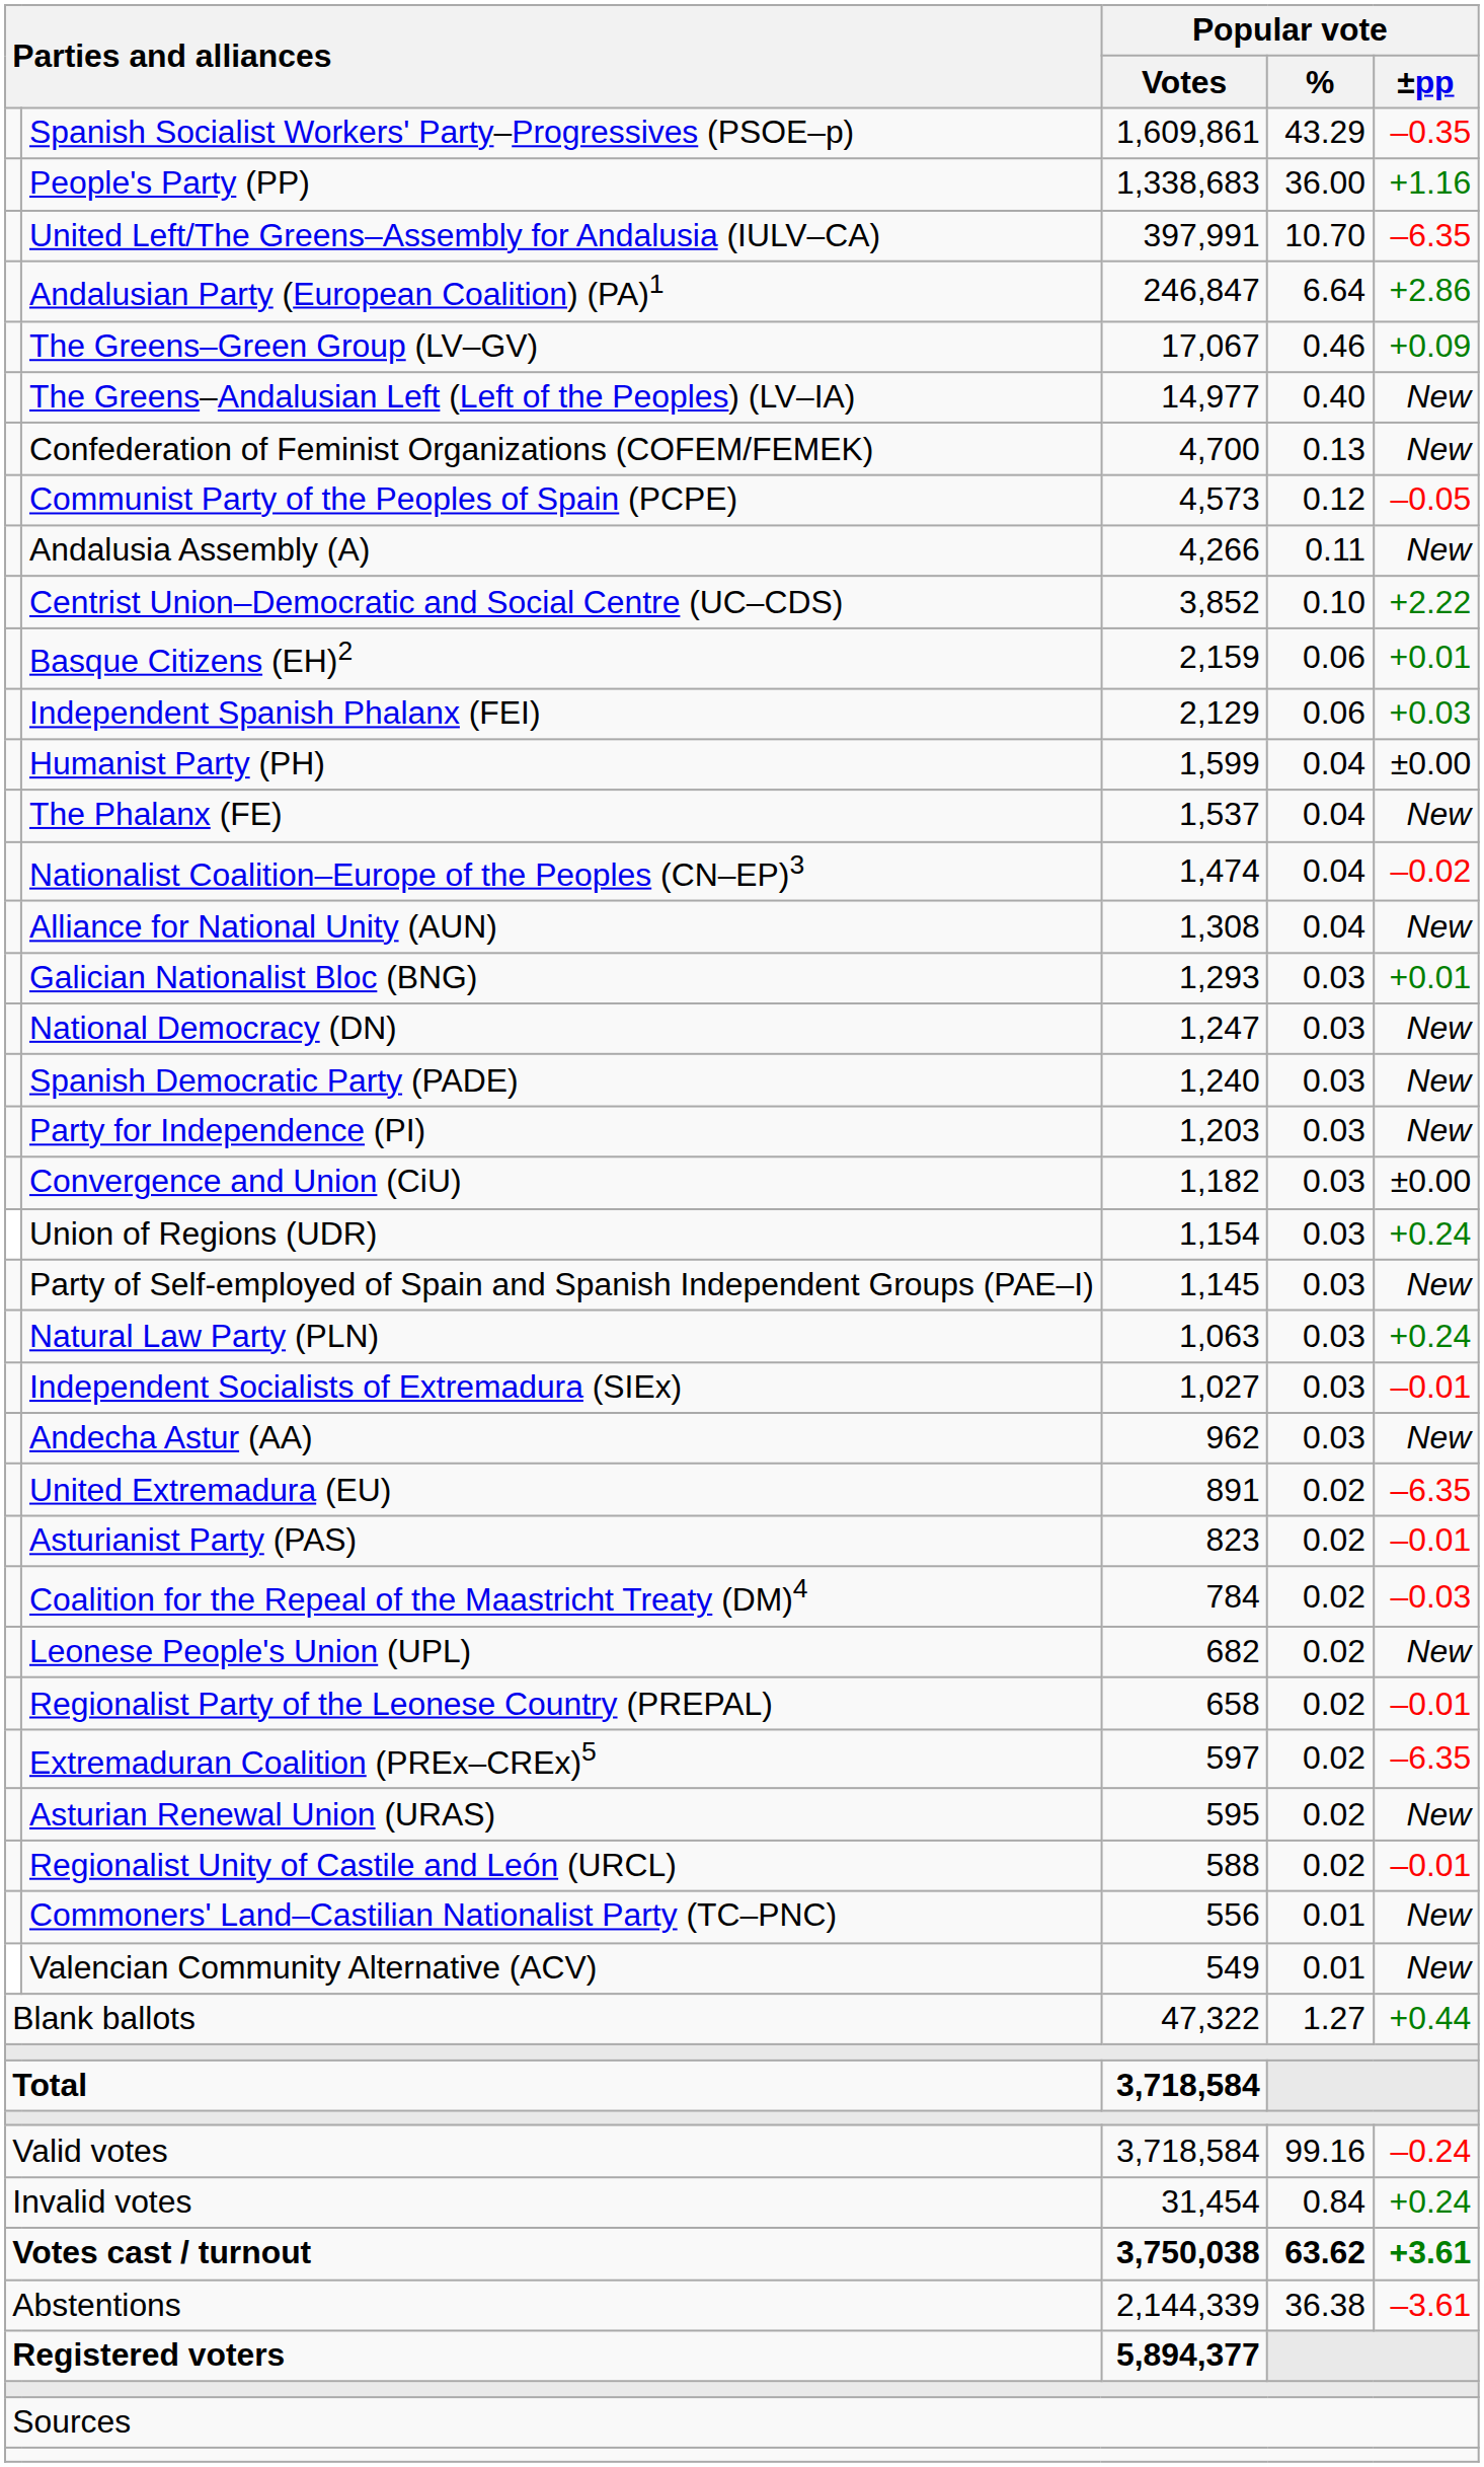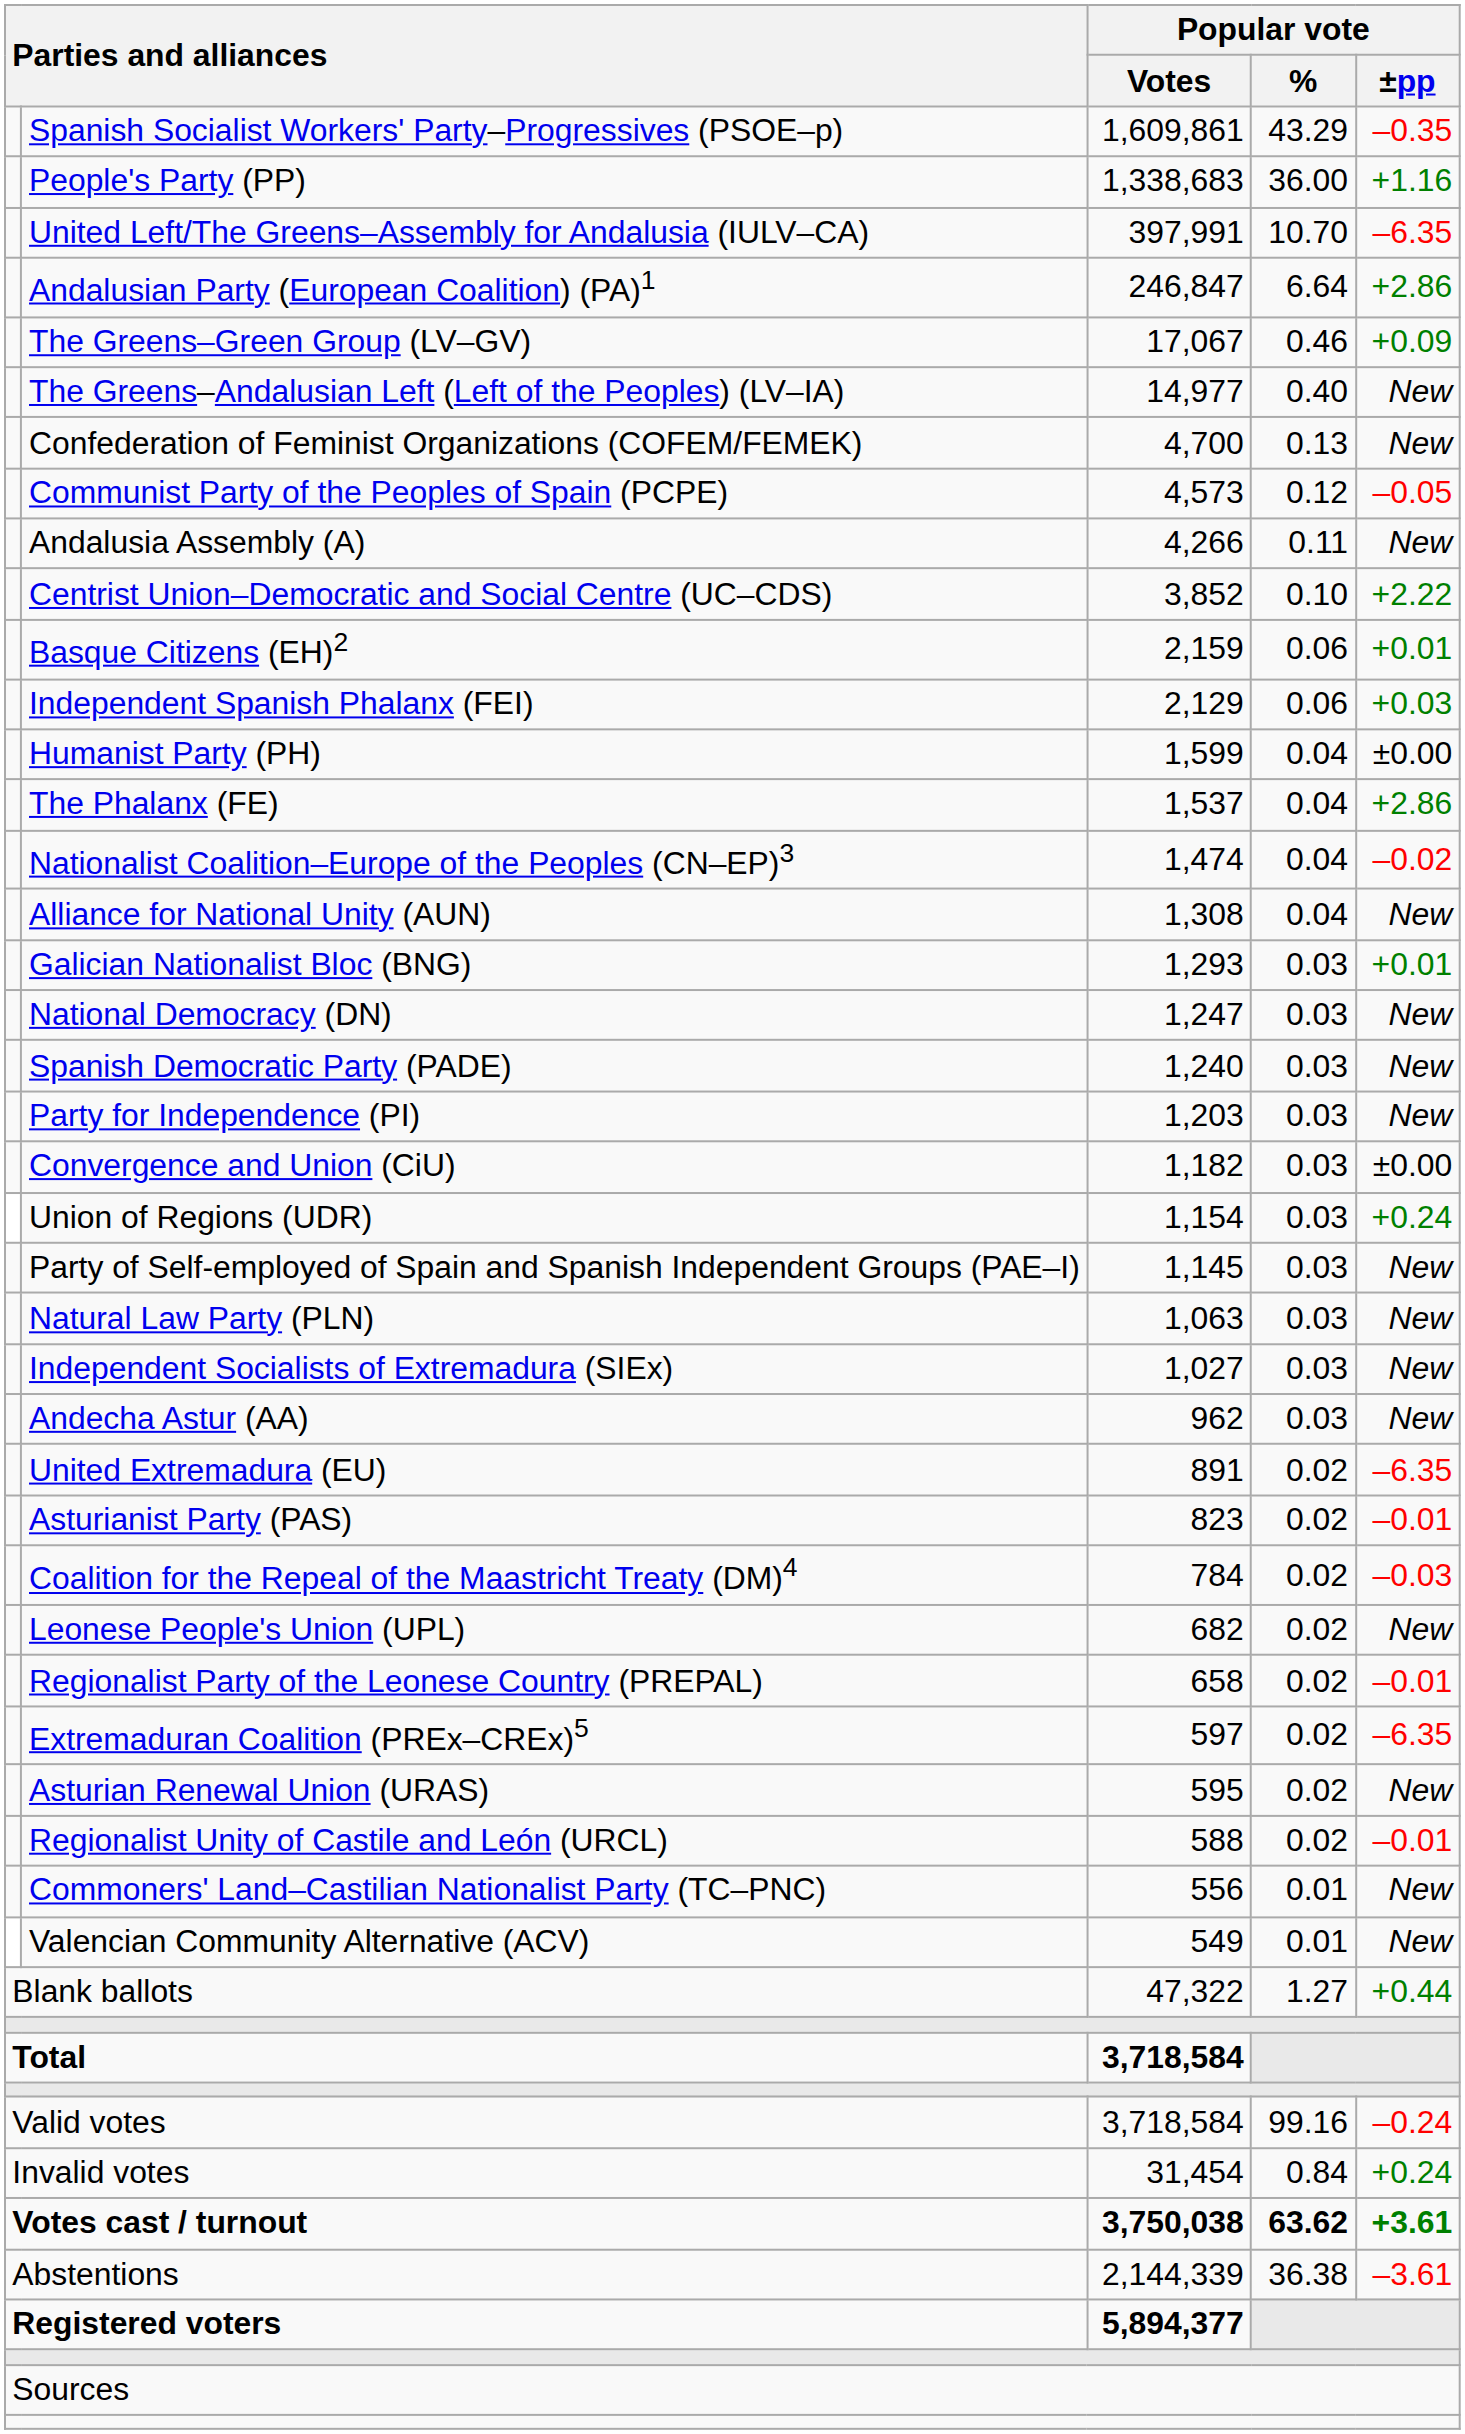 <table class="wikitable" style="text-align:right">
 <tr>
 <th style="text-align:left;" rowspan="2" colspan="2" width="525">Parties and alliances</th>
 <th colspan="3">Popular vote</th>
 </tr>
 <tr>
 <th width="75">Votes</th>
 <th width="45">%</th>
 <th width="45">±<a href='#'>pp</a></th>
 </tr>
 <tr>
 <td width="1" style="color:inherit;background:"></td>
 <td align="left"><a href='#'>Spanish Socialist Workers' Party</a>–<a href='#'>Progressives</a> (PSOE–p)</td>
 <td>1,609,861</td>
 <td>43.29</td>
 <td style="color:red;">–0.35</td>
 </tr>
 <tr>
 <td style="color:inherit;background:"></td>
 <td align="left"><a href='#'>People's Party</a> (PP)</td>
 <td>1,338,683</td>
 <td>36.00</td>
 <td style="color:green;">+1.16</td>
 </tr>
 <tr>
 <td style="color:inherit;background:"></td>
 <td align="left"><a href='#'>United Left/The Greens–Assembly for Andalusia</a> (IULV–CA)</td>
 <td>397,991</td>
 <td>10.70</td>
 <td style="color:red;">–6.35</td>
 </tr>
 <tr>
 <td style="color:inherit;background:"></td>
 <td align="left"><a href='#'>Andalusian Party</a> (<a href='#'>European Coalition</a>) (PA)<sup>1</sup></td>
 <td>246,847</td>
 <td>6.64</td>
 <td style="color:green;">+2.86</td>
 </tr>
 <tr>
 <td style="color:inherit;background:"></td>
 <td align="left"><a href='#'>The Greens–Green Group</a> (LV–GV)</td>
 <td>17,067</td>
 <td>0.46</td>
 <td style="color:green;">+0.09</td>
 </tr>
 <tr>
 <td style="color:inherit;background:"></td>
 <td align="left"><a href='#'>The Greens</a>–<a href='#'>Andalusian Left</a> (<a href='#'>Left of the Peoples</a>) (LV–IA)</td>
 <td>14,977</td>
 <td>0.40</td>
 <td><em>New</em></td>
 </tr>
 <tr>
 <td style="color:inherit;background:"></td>
 <td align="left">Confederation of Feminist Organizations (COFEM/FEMEK)</td>
 <td>4,700</td>
 <td>0.13</td>
 <td><em>New</em></td>
 </tr>
 <tr>
 <td style="color:inherit;background:"></td>
 <td align="left"><a href='#'>Communist Party of the Peoples of Spain</a> (PCPE)</td>
 <td>4,573</td>
 <td>0.12</td>
 <td style="color:red;">–0.05</td>
 </tr>
 <tr>
 <td style="color:inherit;background:"></td>
 <td align="left">Andalusia Assembly (A)</td>
 <td>4,266</td>
 <td>0.11</td>
 <td><em>New</em></td>
 </tr>
 <tr>
 <td style="color:inherit;background:"></td>
 <td align="left"><a href='#'>Centrist Union–Democratic and Social Centre</a> (UC–CDS)</td>
 <td>3,852</td>
 <td>0.10</td>
 <td style="color:green;">+2.22</td>
 </tr>
 <tr>
 <td style="color:inherit;background:"></td>
 <td align="left"><a href='#'>Basque Citizens</a> (EH)<sup>2</sup></td>
 <td>2,159</td>
 <td>0.06</td>
 <td style="color:green;">+0.01</td>
 </tr>
 <tr>
 <td style="color:inherit;background:"></td>
 <td align="left"><a href='#'>Independent Spanish Phalanx</a> (FEI)</td>
 <td>2,129</td>
 <td>0.06</td>
 <td style="color:green;">+0.03</td>
 </tr>
 <tr>
 <td style="color:inherit;background:"></td>
 <td align="left"><a href='#'>Humanist Party</a> (PH)</td>
 <td>1,599</td>
 <td>0.04</td>
 <td>±0.00</td>
 </tr>
 <tr>
 <td style="color:inherit;background:"></td>
 <td align="left"><a href='#'>The Phalanx</a> (FE)</td>
 <td>1,537</td>
 <td>0.04</td>
-<td><em>New</em></td>
+<td style="color:green;">+2.86</td>
 </tr>
 <tr>
 <td style="color:inherit;background:"></td>
 <td align="left"><a href='#'>Nationalist Coalition–Europe of the Peoples</a> (CN–EP)<sup>3</sup></td>
 <td>1,474</td>
 <td>0.04</td>
 <td style="color:red;">–0.02</td>
 </tr>
 <tr>
 <td style="color:inherit;background:"></td>
 <td align="left"><a href='#'>Alliance for National Unity</a> (AUN)</td>
 <td>1,308</td>
 <td>0.04</td>
 <td><em>New</em></td>
 </tr>
 <tr>
 <td style="color:inherit;background:"></td>
 <td align="left"><a href='#'>Galician Nationalist Bloc</a> (BNG)</td>
 <td>1,293</td>
 <td>0.03</td>
 <td style="color:green;">+0.01</td>
 </tr>
 <tr>
 <td style="color:inherit;background:"></td>
 <td align="left"><a href='#'>National Democracy</a> (DN)</td>
 <td>1,247</td>
 <td>0.03</td>
 <td><em>New</em></td>
 </tr>
 <tr>
 <td style="color:inherit;background:"></td>
 <td align="left"><a href='#'>Spanish Democratic Party</a> (PADE)</td>
 <td>1,240</td>
 <td>0.03</td>
 <td><em>New</em></td>
 </tr>
 <tr>
 <td style="color:inherit;background:"></td>
 <td align="left"><a href='#'>Party for Independence</a> (PI)</td>
 <td>1,203</td>
 <td>0.03</td>
 <td><em>New</em></td>
 </tr>
 <tr>
 <td style="color:inherit;background:"></td>
 <td align="left"><a href='#'>Convergence and Union</a> (CiU)</td>
 <td>1,182</td>
 <td>0.03</td>
 <td>±0.00</td>
 </tr>
 <tr>
 <td bgcolor="white"></td>
 <td align="left">Union of Regions (UDR)</td>
 <td>1,154</td>
 <td>0.03</td>
 <td style="color:green;">+0.24</td>
 </tr>
 <tr>
 <td style="color:inherit;background:"></td>
 <td align="left">Party of Self-employed of Spain and Spanish Independent Groups (PAE–I)</td>
 <td>1,145</td>
 <td>0.03</td>
 <td><em>New</em></td>
 </tr>
 <tr>
 <td style="color:inherit;background:"></td>
 <td align="left"><a href='#'>Natural Law Party</a> (PLN)</td>
 <td>1,063</td>
 <td>0.03</td>
-<td style="color:green;">+0.24</td>
+<td><em>New</em></td>
 </tr>
 <tr>
 <td style="color:inherit;background:"></td>
 <td align="left"><a href='#'>Independent Socialists of Extremadura</a> (SIEx)</td>
 <td>1,027</td>
 <td>0.03</td>
-<td style="color:red;">–0.01</td>
+<td><em>New</em></td>
 </tr>
 <tr>
 <td style="color:inherit;background:"></td>
 <td align="left"><a href='#'>Andecha Astur</a> (AA)</td>
 <td>962</td>
 <td>0.03</td>
 <td><em>New</em></td>
 </tr>
 <tr>
 <td style="color:inherit;background:"></td>
 <td align="left"><a href='#'>United Extremadura</a> (EU)</td>
 <td>891</td>
 <td>0.02</td>
 <td style="color:red;">–6.35</td>
 </tr>
 <tr>
 <td style="color:inherit;background:"></td>
 <td align="left"><a href='#'>Asturianist Party</a> (PAS)</td>
 <td>823</td>
 <td>0.02</td>
 <td style="color:red;">–0.01</td>
 </tr>
 <tr>
 <td style="color:inherit;background:"></td>
 <td align="left"><a href='#'>Coalition for the Repeal of the Maastricht Treaty</a> (DM)<sup>4</sup></td>
 <td>784</td>
 <td>0.02</td>
 <td style="color:red;">–0.03</td>
 </tr>
 <tr>
 <td style="color:inherit;background:"></td>
 <td align="left"><a href='#'>Leonese People's Union</a> (UPL)</td>
 <td>682</td>
 <td>0.02</td>
 <td><em>New</em></td>
 </tr>
 <tr>
 <td style="color:inherit;background:"></td>
 <td align="left"><a href='#'>Regionalist Party of the Leonese Country</a> (PREPAL)</td>
 <td>658</td>
 <td>0.02</td>
 <td style="color:red;">–0.01</td>
 </tr>
 <tr>
 <td style="color:inherit;background:"></td>
 <td align="left"><a href='#'>Extremaduran Coalition</a> (PREx–CREx)<sup>5</sup></td>
 <td>597</td>
 <td>0.02</td>
 <td style="color:red;">–6.35</td>
 </tr>
 <tr>
 <td style="color:inherit;background:"></td>
 <td align="left"><a href='#'>Asturian Renewal Union</a> (URAS)</td>
 <td>595</td>
 <td>0.02</td>
 <td><em>New</em></td>
 </tr>
 <tr>
 <td style="color:inherit;background:"></td>
 <td align="left"><a href='#'>Regionalist Unity of Castile and León</a> (URCL)</td>
 <td>588</td>
 <td>0.02</td>
 <td style="color:red;">–0.01</td>
 </tr>
 <tr>
 <td style="color:inherit;background:"></td>
 <td align="left"><a href='#'>Commoners' Land–Castilian Nationalist Party</a> (TC–PNC)</td>
 <td>556</td>
 <td>0.01</td>
 <td><em>New</em></td>
 </tr>
 <tr>
 <td bgcolor="white"></td>
 <td align="left">Valencian Community Alternative (ACV)</td>
 <td>549</td>
 <td>0.01</td>
 <td><em>New</em></td>
 </tr>
 <tr>
 <td align="left" colspan="2">Blank ballots</td>
 <td>47,322</td>
 <td>1.27</td>
 <td style="color:green;">+0.44</td>
 </tr>
 <tr>
 <td colspan="5" bgcolor="#E9E9E9"></td>
 </tr>
 <tr style="font-weight:bold;">
 <td align="left" colspan="2">Total</td>
 <td>3,718,584</td>
 <td bgcolor="#E9E9E9" colspan="2"></td>
 </tr>
 <tr>
 <td colspan="5" bgcolor="#E9E9E9"></td>
 </tr>
 <tr>
 <td align="left" colspan="2">Valid votes</td>
 <td>3,718,584</td>
 <td>99.16</td>
 <td style="color:red;">–0.24</td>
 </tr>
 <tr>
 <td align="left" colspan="2">Invalid votes</td>
 <td>31,454</td>
 <td>0.84</td>
 <td style="color:green;">+0.24</td>
 </tr>
 <tr style="font-weight:bold;">
 <td align="left" colspan="2">Votes cast / turnout</td>
 <td>3,750,038</td>
 <td>63.62</td>
 <td style="color:green;">+3.61</td>
 </tr>
 <tr>
 <td align="left" colspan="2">Abstentions</td>
 <td>2,144,339</td>
 <td>36.38</td>
 <td style="color:red;">–3.61</td>
 </tr>
 <tr style="font-weight:bold;">
 <td align="left" colspan="2">Registered voters</td>
 <td>5,894,377</td>
 <td bgcolor="#E9E9E9" colspan="2"></td>
 </tr>
 <tr>
 <td colspan="5" bgcolor="#E9E9E9"></td>
 </tr>
 <tr>
 <td align="left" colspan="5">Sources</td>
 </tr>
 <tr>
 <td colspan="5" style="text-align:left; max-width:680px;"></td>
 </tr>
 </table>
